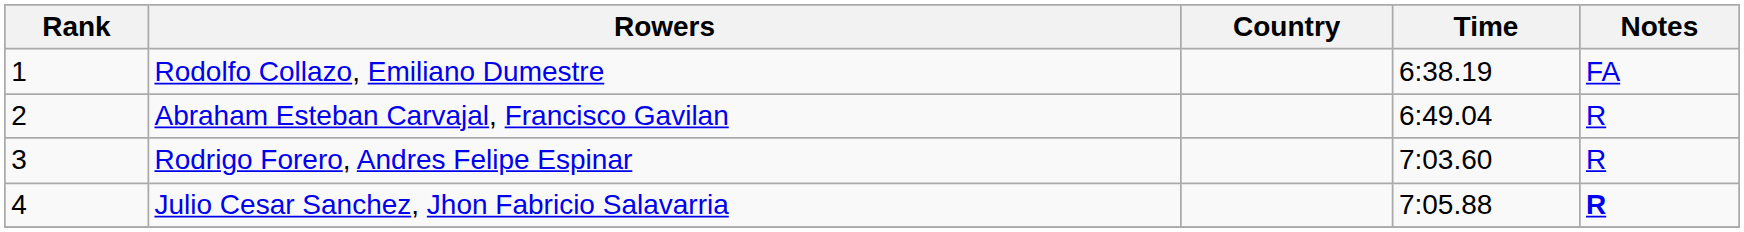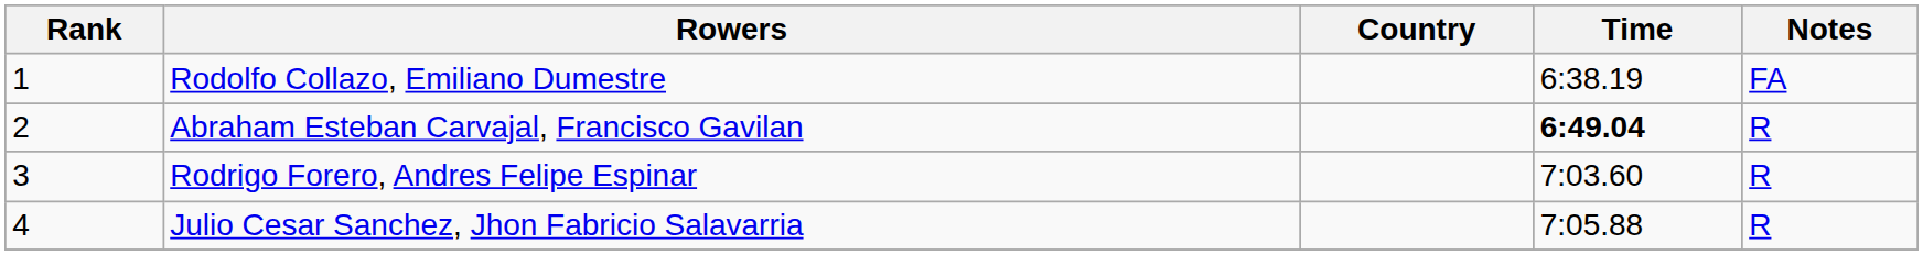 <table class="wikitable" width=50%>
 <tr>
 <th>Rank</th>
 <th>Rowers</th>
 <th>Country</th>
 <th>Time</th>
 <th>Notes</th>
 </tr>
 <tr>
 <td>1</td>
 <td><a href='#'>Rodolfo Collazo</a>, <a href='#'>Emiliano Dumestre</a></td>
 <td></td>
 <td>6:38.19</td>
 <td><a href='#'>FA</a></td>
 </tr>
 <tr>
 <td>2</td>
 <td><a href='#'>Abraham Esteban Carvajal</a>, <a href='#'>Francisco Gavilan</a></td>
 <td></td>
-<td>6:49.04</td>
+<td><strong>6:49.04</strong></td>
 <td><a href='#'>R</a></td>
 </tr>
 <tr>
 <td>3</td>
 <td><a href='#'>Rodrigo Forero</a>, <a href='#'>Andres Felipe Espinar</a></td>
 <td></td>
 <td>7:03.60</td>
 <td><a href='#'>R</a></td>
 </tr>
 <tr>
 <td>4</td>
 <td><a href='#'>Julio Cesar Sanchez</a>, <a href='#'>Jhon Fabricio Salavarria</a></td>
 <td></td>
 <td>7:05.88</td>
-<td><strong><a href='#'>R</a></strong></td>
+<td><a href='#'>R</a></td>
 </tr>
 <tr>
 </tr>
 </table>
